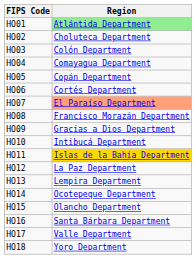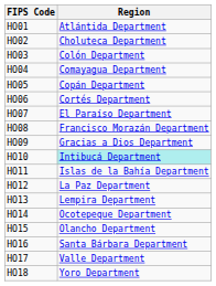 <table class="wikitable">
 <tr>
 <th>FIPS Code</th>
 <th>Region</th>
 </tr>
 <tr>
 <td>HO01</td>
-<td style="background: lightgreen;"><a href='#'>Atlántida Department</a></td>
+<td><a href='#'>Atlántida Department</a></td>
 </tr>
 <tr>
 <td>HO02</td>
 <td><a href='#'>Choluteca Department</a></td>
 </tr>
 <tr>
 <td>HO03</td>
 <td><a href='#'>Colón Department</a></td>
 </tr>
 <tr>
 <td>HO04</td>
 <td><a href='#'>Comayagua Department</a></td>
 </tr>
 <tr>
 <td>HO05</td>
 <td><a href='#'>Copán Department</a></td>
 </tr>
 <tr>
 <td>HO06</td>
 <td><a href='#'>Cortés Department</a></td>
 </tr>
 <tr>
 <td>HO07</td>
-<td style="background: lightsalmon;"><a href='#'>El Paraíso Department</a></td>
+<td><a href='#'>El Paraíso Department</a></td>
 </tr>
 <tr>
 <td>HO08</td>
 <td><a href='#'>Francisco Morazán Department</a></td>
 </tr>
 <tr>
 <td>HO09</td>
 <td><a href='#'>Gracias a Dios Department</a></td>
 </tr>
 <tr>
 <td>HO10</td>
-<td><a href='#'>Intibucá Department</a></td>
+<td style="background: paleturquoise;"><a href='#'>Intibucá Department</a></td>
 </tr>
 <tr>
 <td>HO11</td>
-<td style="background: gold;"><a href='#'>Islas de la Bahía Department</a></td>
+<td><a href='#'>Islas de la Bahía Department</a></td>
 </tr>
 <tr>
 <td>HO12</td>
 <td><a href='#'>La Paz Department</a></td>
 </tr>
 <tr>
 <td>HO13</td>
 <td><a href='#'>Lempira Department</a></td>
 </tr>
 <tr>
 <td>HO14</td>
 <td><a href='#'>Ocotepeque Department</a></td>
 </tr>
 <tr>
 <td>HO15</td>
 <td><a href='#'>Olancho Department</a></td>
 </tr>
 <tr>
 <td>HO16</td>
 <td><a href='#'>Santa Bárbara Department</a></td>
 </tr>
 <tr>
 <td>HO17</td>
 <td><a href='#'>Valle Department</a></td>
 </tr>
 <tr>
 <td>HO18</td>
 <td><a href='#'>Yoro Department</a></td>
 </tr>
 </table>
